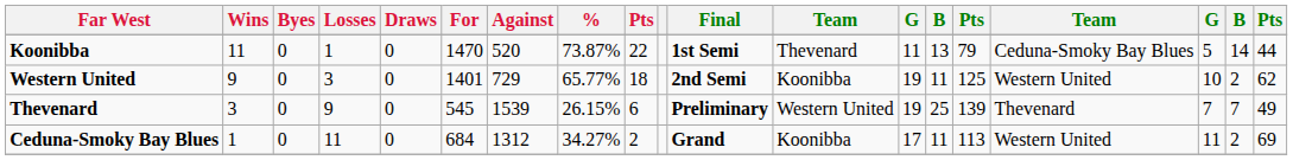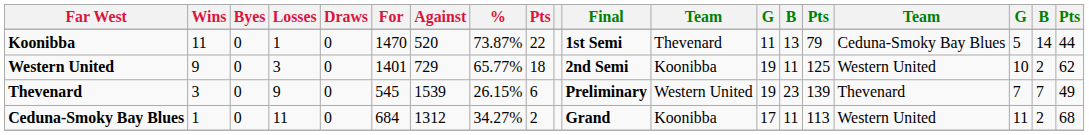 <table class="wikitable">
 <tr>
 <th style="color:crimson">Far West</th>
 <th style="color:crimson">Wins</th>
 <th style="color:crimson">Byes</th>
 <th style="color:crimson">Losses</th>
 <th style="color:crimson">Draws</th>
 <th style="color:crimson">For</th>
 <th style="color:crimson">Against</th>
 <th style="color:crimson">%</th>
 <th style="color:crimson">Pts</th>
 <th></th>
 <th style="color:green">Final</th>
 <th style="color:green">Team</th>
 <th style="color:green">G</th>
 <th style="color:green">B</th>
 <th style="color:green">Pts</th>
 <th style="color:green">Team</th>
 <th style="color:green">G</th>
 <th style="color:green">B</th>
 <th style="color:green">Pts</th>
 </tr>
 <tr>
 </tr>
 <tr>
 </tr>
 <tr>
 <td><strong>	Koonibba	</strong></td>
 <td>11</td>
 <td>0</td>
 <td>1</td>
 <td>0</td>
 <td>1470</td>
 <td>520</td>
 <td>73.87%</td>
 <td>22</td>
 <td></td>
 <td><strong>1st Semi</strong></td>
 <td>Thevenard</td>
 <td>11</td>
 <td>13</td>
 <td>79</td>
 <td>Ceduna-Smoky Bay Blues</td>
 <td>5</td>
 <td>14</td>
 <td>44</td>
 </tr>
 <tr>
 <td><strong>	Western United	</strong></td>
 <td>9</td>
 <td>0</td>
 <td>3</td>
 <td>0</td>
 <td>1401</td>
 <td>729</td>
 <td>65.77%</td>
 <td>18</td>
 <td></td>
 <td><strong>2nd Semi</strong></td>
 <td>Koonibba</td>
 <td>19</td>
 <td>11</td>
 <td>125</td>
 <td>Western United</td>
 <td>10</td>
 <td>2</td>
 <td>62</td>
 </tr>
 <tr>
 <td><strong>	Thevenard	</strong></td>
 <td>3</td>
 <td>0</td>
 <td>9</td>
 <td>0</td>
 <td>545</td>
 <td>1539</td>
 <td>26.15%</td>
 <td>6</td>
 <td></td>
 <td><strong>Preliminary</strong></td>
 <td>Western United</td>
 <td>19</td>
-<td>25</td>
+<td>23</td>
 <td>139</td>
 <td>Thevenard</td>
 <td>7</td>
 <td>7</td>
 <td>49</td>
 </tr>
 <tr>
 <td><strong>	Ceduna-Smoky Bay Blues	</strong></td>
 <td>1</td>
 <td>0</td>
 <td>11</td>
 <td>0</td>
 <td>684</td>
 <td>1312</td>
 <td>34.27%</td>
 <td>2</td>
 <td></td>
 <td><strong>Grand</strong></td>
 <td>Koonibba</td>
 <td>17</td>
 <td>11</td>
 <td>113</td>
 <td>Western United</td>
 <td>11</td>
 <td>2</td>
-<td>69</td>
+<td>68</td>
 </tr>
 <tr>
 </tr>
 </table>
